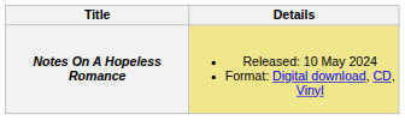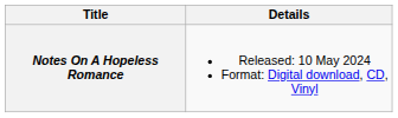 <table class="wikitable plainrowheaders" style="text-align:center;">
 <tr>
 <th scope="col" style="width:14em;">Title</th>
 <th scope="col" style="width:16em;">Details</th>
 </tr>
 <tr>
 <th scope="row"><em>Notes On A Hopeless Romance</em></th>
-<td style="background: khaki;"><br><ul><li>Released: 10 May 2024</li><li>Format: <a href='#'>Digital download</a>, <a href='#'>CD</a>, <a href='#'>Vinyl</a></li></ul></td>
+<td><br><ul><li>Released: 10 May 2024</li><li>Format: <a href='#'>Digital download</a>, <a href='#'>CD</a>, <a href='#'>Vinyl</a></li></ul></td>
 </tr>
 </table>
